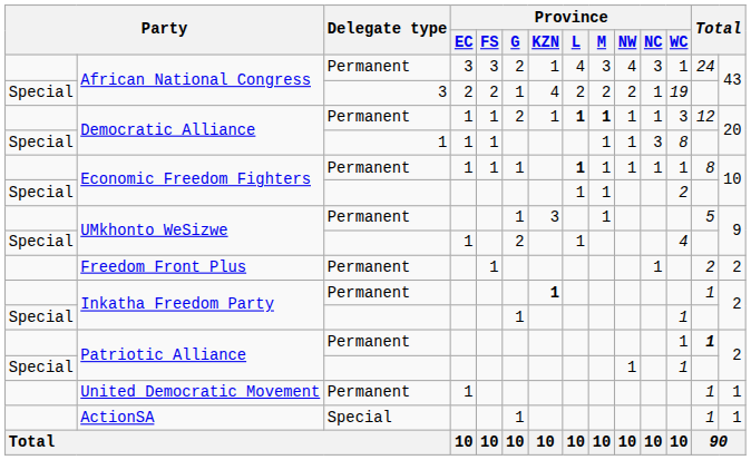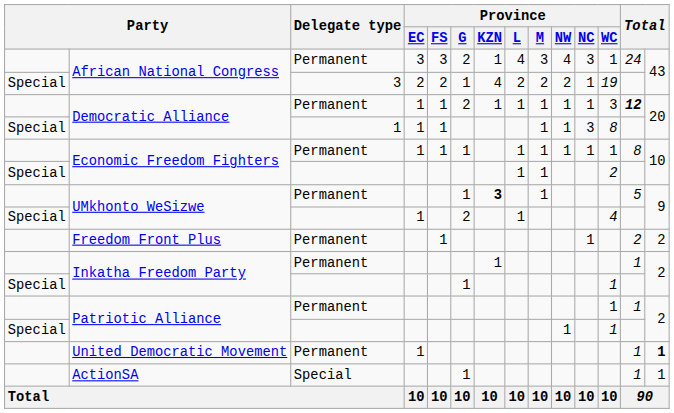 <table class=wikitable  style=text-align:right>
 <tr>
 <th colspan=2 rowspan=2>Party</th>
 <th rowspan=2>Delegate type</th>
 <th colspan="9" style="text-align:center">Province</th>
 <th colspan=2 rowspan=2><em>Total</em></th>
 </tr>
 <tr>
 <th><a href='#'>EC</a></th>
 <th><a href='#'>FS</a></th>
 <th><a href='#'>G</a></th>
 <th><a href='#'>KZN</a></th>
 <th><a href='#'>L</a></th>
 <th><a href='#'>M</a></th>
 <th><a href='#'>NW</a></th>
 <th><a href='#'>NC</a></th>
 <th><a href='#'>WC</a></th>
 </tr>
 <tr>
 <td bgcolor=></td>
 <td align=left rowspan=2><a href='#'>African National Congress</a></td>
 <td align=left>Permanent</td>
 <td>3</td>
 <td>3</td>
 <td>2</td>
 <td>1</td>
 <td>4</td>
 <td>3</td>
 <td>4</td>
 <td>3</td>
 <td>1</td>
 <td><em>24</em></td>
 <td rowspan=2>43</td>
 </tr>
 <tr>
 <td align=left>Special</td>
 <td>3</td>
 <td>2</td>
 <td>2</td>
 <td>1</td>
 <td>4</td>
 <td>2</td>
 <td>2</td>
 <td>2</td>
 <td>1</td>
 <td><em>19</em></td>
 </tr>
 <tr>
 <td bgcolor=></td>
 <td align=left rowspan=2><a href='#'>Democratic Alliance</a></td>
 <td align=left>Permanent</td>
 <td>1</td>
 <td>1</td>
 <td>2</td>
 <td>1</td>
-<td><strong>1</strong></td>
-<td><strong>1</strong></td>
+<td>1</td>
+<td>1</td>
 <td>1</td>
 <td>1</td>
 <td>3</td>
-<td><em>12</em></td>
+<td><strong><em>12</em></strong></td>
 <td rowspan=2>20</td>
 </tr>
 <tr>
 <td align=left>Special</td>
 <td>1</td>
 <td>1</td>
 <td>1</td>
 <td></td>
 <td></td>
 <td></td>
 <td>1</td>
 <td>1</td>
 <td>3</td>
 <td><em>8</em></td>
 </tr>
 <tr>
 <td></td>
 <td rowspan="2" align="left"><a href='#'>Economic Freedom Fighters</a></td>
 <td align="left">Permanent</td>
 <td>1</td>
 <td>1</td>
 <td>1</td>
 <td></td>
-<td><strong>1</strong></td>
+<td>1</td>
 <td>1</td>
 <td>1</td>
 <td>1</td>
 <td>1</td>
 <td><em>8</em></td>
 <td rowspan="2">10</td>
 </tr>
 <tr>
 <td align="left">Special</td>
 <td></td>
 <td></td>
 <td></td>
 <td></td>
 <td></td>
 <td>1</td>
 <td>1</td>
 <td></td>
 <td></td>
 <td><em>2</em></td>
 </tr>
 <tr>
 <td bgcolor=></td>
 <td align=left rowspan=2><a href='#'>UMkhonto WeSizwe</a></td>
 <td align=left>Permanent</td>
 <td></td>
 <td></td>
 <td>1</td>
-<td>3</td>
+<td><strong>3</strong></td>
 <td></td>
 <td>1</td>
 <td></td>
 <td></td>
 <td></td>
 <td><em>5</em></td>
 <td rowspan="2">9</td>
 </tr>
 <tr>
 <td align=left>Special</td>
 <td></td>
 <td>1</td>
 <td></td>
 <td>2</td>
 <td></td>
 <td>1</td>
 <td></td>
 <td></td>
 <td></td>
 <td><em>4</em></td>
 </tr>
 <tr>
 <td></td>
 <td align="left"><a href='#'>Freedom Front Plus</a></td>
 <td align="left">Permanent</td>
 <td></td>
 <td>1</td>
 <td></td>
 <td></td>
 <td></td>
 <td></td>
 <td></td>
 <td>1</td>
 <td></td>
 <td><em>2</em></td>
 <td>2</td>
 </tr>
 <tr>
 <td></td>
 <td rowspan="2" align="left"><a href='#'>Inkatha Freedom Party</a></td>
 <td align="left">Permanent</td>
 <td></td>
 <td></td>
 <td></td>
-<td><strong>1</strong></td>
+<td>1</td>
 <td></td>
 <td></td>
 <td></td>
 <td></td>
 <td></td>
 <td><em>1</em></td>
 <td rowspan="2">2</td>
 </tr>
 <tr>
 <td align="left">Special</td>
 <td></td>
 <td></td>
 <td></td>
 <td>1</td>
 <td></td>
 <td></td>
 <td></td>
 <td></td>
 <td></td>
 <td><em>1</em></td>
 </tr>
 <tr>
 <td></td>
 <td rowspan="2" align="left"><a href='#'>Patriotic Alliance</a></td>
 <td align="left">Permanent</td>
 <td></td>
 <td></td>
 <td></td>
 <td></td>
 <td></td>
 <td></td>
 <td></td>
 <td></td>
 <td>1</td>
-<td><strong><em>1</em></strong></td>
+<td><em>1</em></td>
 <td rowspan="2">2</td>
 </tr>
 <tr>
 <td align="left">Special</td>
 <td></td>
 <td></td>
 <td></td>
 <td></td>
 <td></td>
 <td></td>
 <td></td>
 <td>1</td>
 <td></td>
 <td><em>1</em></td>
 </tr>
 <tr>
 <td></td>
 <td align="left"><a href='#'>United Democratic Movement</a></td>
 <td align="left">Permanent</td>
 <td>1</td>
 <td></td>
 <td></td>
 <td></td>
 <td></td>
 <td></td>
 <td></td>
 <td></td>
 <td></td>
 <td><em>1</em></td>
-<td>1</td>
+<td><strong>1</strong></td>
 </tr>
 <tr>
 <td></td>
 <td align="left"><a href='#'>ActionSA</a></td>
 <td align="left">Special</td>
 <td></td>
 <td></td>
 <td>1</td>
 <td></td>
 <td></td>
 <td></td>
 <td></td>
 <td></td>
 <td></td>
 <td><em>1</em></td>
 <td>1</td>
 </tr>
 <tr>
 <th colspan="3" style="text-align:left">Total</th>
 <th>10</th>
 <th>10</th>
 <th>10</th>
 <th>10</th>
 <th>10</th>
 <th>10</th>
 <th>10</th>
 <th>10</th>
 <th>10</th>
 <th colspan=2><em>90</em></th>
 </tr>
 </table>
